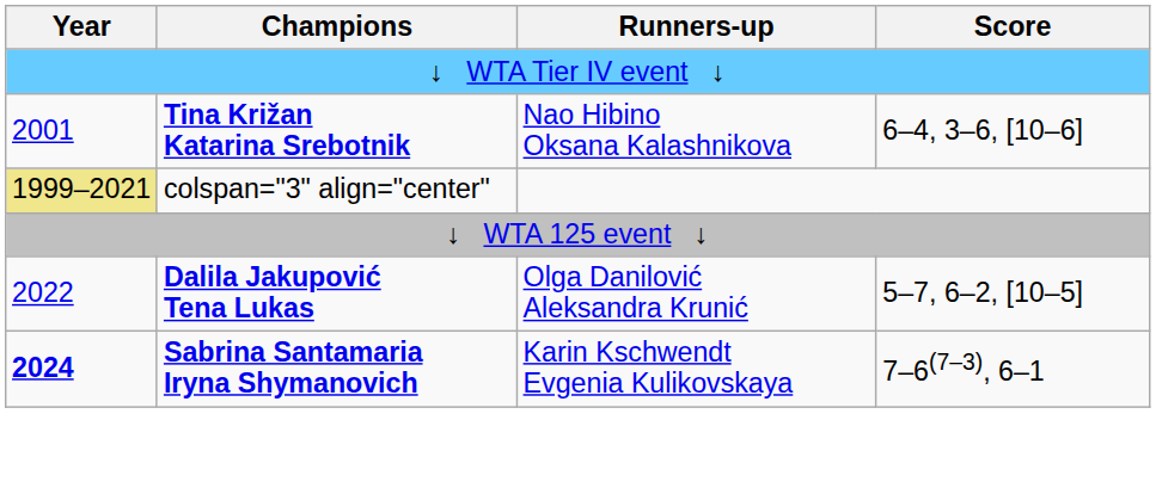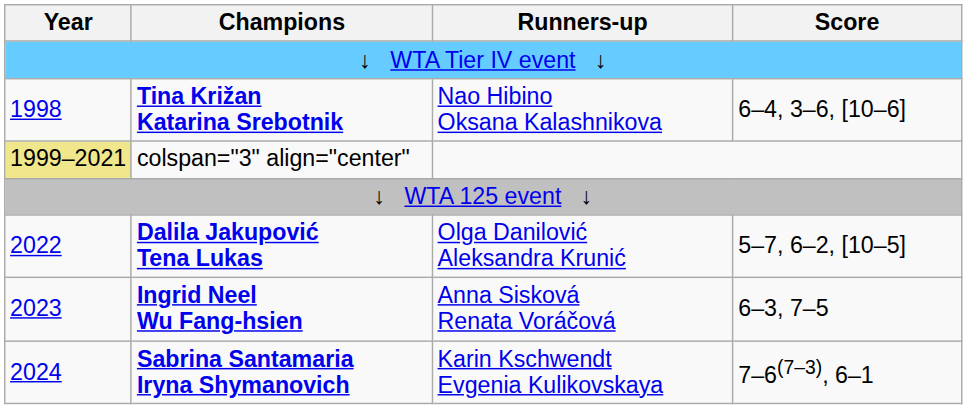 <table class="wikitable">
 <tr>
 <th>Year</th>
 <th width="200">Champions</th>
 <th width="200">Runners-up</th>
 <th width="150">Score</th>
 </tr>
 <tr>
 <td colspan="4" align="center" bgcolor=66CCFF>↓   <a href='#'>WTA Tier IV event</a>   ↓</td>
 </tr>
 <tr>
-<td><a href='#'>2001</a></td>
+<td><a href='#'>1998</a></td>
 <td> <strong><a href='#'>Tina Križan</a></strong> <br>  <strong><a href='#'>Katarina Srebotnik</a></strong></td>
 <td> <a href='#'>Nao Hibino</a> <br>  <a href='#'>Oksana Kalashnikova</a></td>
 <td>6–4, 3–6, [10–6]</td>
 </tr>
 <tr>
 <td style="background: khaki;">1999–2021</td>
 <td>colspan="3" align="center" </td>
 </tr>
 <tr>
 <td colspan="4" align="center" bgcolor=silver>↓   <a href='#'>WTA 125 event</a>   ↓</td>
 </tr>
 <tr>
 <td><a href='#'>2022</a></td>
 <td> <strong><a href='#'>Dalila Jakupović</a></strong> <br>  <strong><a href='#'>Tena Lukas</a></strong></td>
 <td> <a href='#'>Olga Danilović</a> <br>  <a href='#'>Aleksandra Krunić</a></td>
 <td>5–7, 6–2, [10–5]</td>
 </tr>
 <tr>
-<td><strong><a href='#'>2024</a></strong></td>
+<td><a href='#'>2023</a></td>
+<td> <strong><a href='#'>Ingrid Neel</a></strong> <br>  <strong><a href='#'>Wu Fang-hsien</a></strong></td>
+<td> <a href='#'>Anna Sisková</a> <br>  <a href='#'>Renata Voráčová</a></td>
+<td>6–3, 7–5</td>
+</tr>
+<tr>
+<td><a href='#'>2024</a></td>
 <td> <strong><a href='#'>Sabrina Santamaria</a></strong> <br>  <strong><a href='#'>Iryna Shymanovich</a></strong></td>
 <td> <a href='#'>Karin Kschwendt</a> <br>  <a href='#'>Evgenia Kulikovskaya</a></td>
 <td>7–6<sup>(7–3)</sup>, 6–1</td>
 </tr>
 </table>
